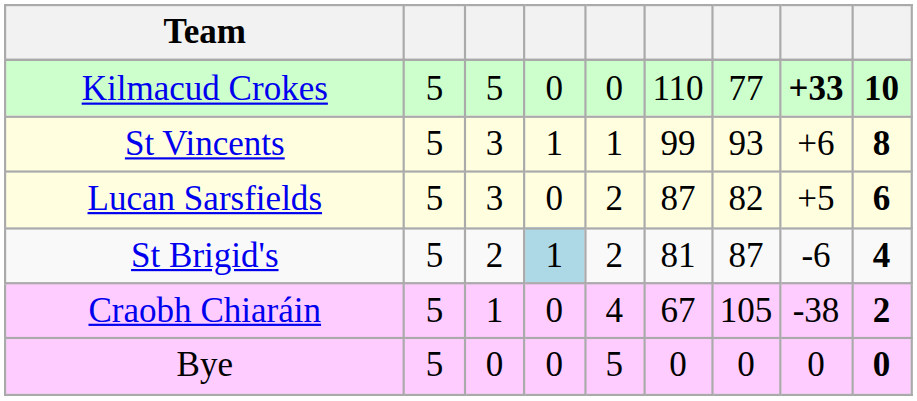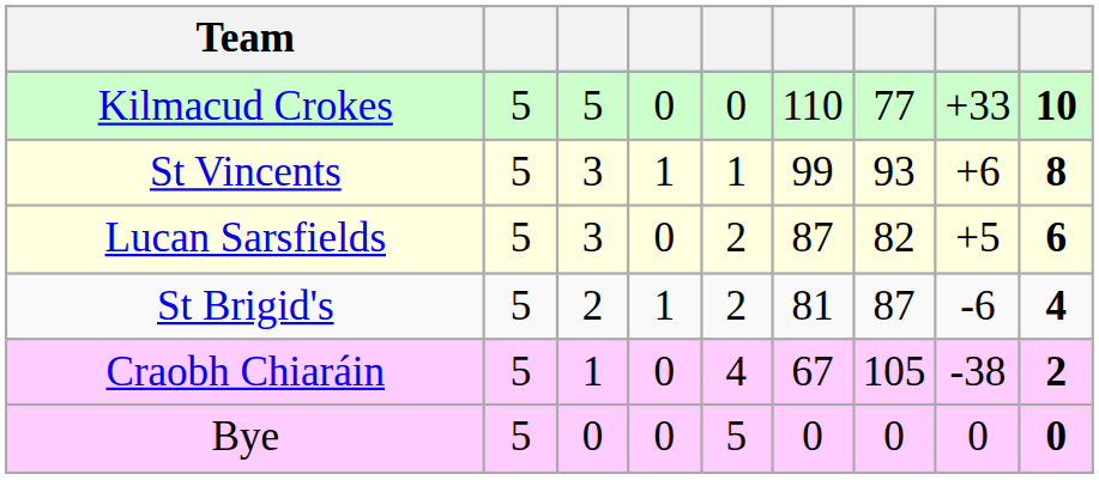 <table class="wikitable" style="text-align:center">
 <tr>
 <th style="width:175px;">Team</th>
 <th width="20"></th>
 <th width="20"></th>
 <th width="20"></th>
 <th width="20"></th>
 <th width="20"></th>
 <th width="20"></th>
 <th width="20"></th>
 <th width="20"></th>
 </tr>
 <tr style="background:#cfc;">
 </tr>
 <tr style="background:#cfc;">
 <td><a href='#'>Kilmacud Crokes</a></td>
 <td>5</td>
 <td>5</td>
 <td>0</td>
 <td>0</td>
 <td>110</td>
 <td>77</td>
-<td><strong>+33</strong></td>
+<td>+33</td>
 <td><strong>10</strong></td>
 </tr>
 <tr style="background:#ffffe0;">
 <td><a href='#'>St Vincents</a></td>
 <td>5</td>
 <td>3</td>
 <td>1</td>
 <td>1</td>
 <td>99</td>
 <td>93</td>
 <td>+6</td>
 <td><strong>8</strong></td>
 </tr>
 <tr style="background:#ffffe0;">
 <td><a href='#'>Lucan Sarsfields</a></td>
 <td>5</td>
 <td>3</td>
 <td>0</td>
 <td>2</td>
 <td>87</td>
 <td>82</td>
 <td>+5</td>
 <td><strong>6</strong></td>
 </tr>
 <tr>
 <td><a href='#'>St Brigid's</a></td>
 <td>5</td>
 <td>2</td>
-<td style="background: lightblue;">1</td>
+<td>1</td>
 <td>2</td>
 <td>81</td>
 <td>87</td>
 <td>-6</td>
 <td><strong>4</strong></td>
 </tr>
 <tr style="background:#fcf;">
 <td><a href='#'>Craobh Chiaráin</a></td>
 <td>5</td>
 <td>1</td>
 <td>0</td>
 <td>4</td>
 <td>67</td>
 <td>105</td>
 <td>-38</td>
 <td><strong>2</strong></td>
 </tr>
 <tr style="background:#fcf;">
 <td>Bye</td>
 <td>5</td>
 <td>0</td>
 <td>0</td>
 <td>5</td>
 <td>0</td>
 <td>0</td>
 <td>0</td>
 <td><strong>0</strong></td>
 </tr>
 </table>
